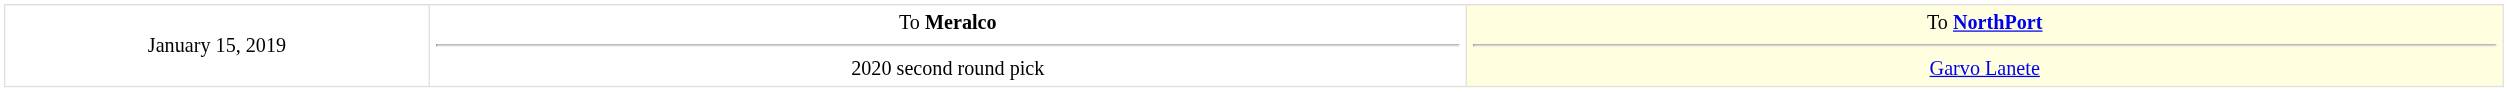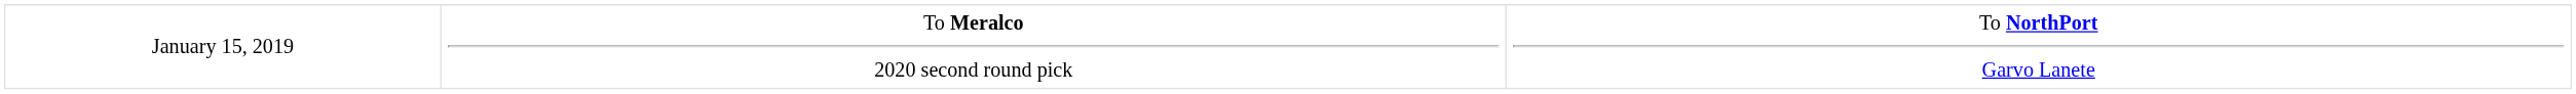 <table border=1 style="border-collapse:collapse; text-align: center; width: 100%" bordercolor="#DFDFDF"  cellpadding="5">
 <tr>
 </tr>
 <tr>
 <td style="width:12%" rowspan=2>January 15, 2019</td>
 </tr>
 <tr>
 <td style="width:29.3%" valign="top">To <strong>Meralco</strong><hr>2020 second round pick</td>
-<td style="background: lightyellow; width:29.3%" valign="top">To <strong><a href='#'>NorthPort</a></strong><hr><a href='#'>Garvo Lanete</a></td>
+<td style="width:29.3%" valign="top">To <strong><a href='#'>NorthPort</a></strong><hr><a href='#'>Garvo Lanete</a></td>
 </tr>
 </table>
